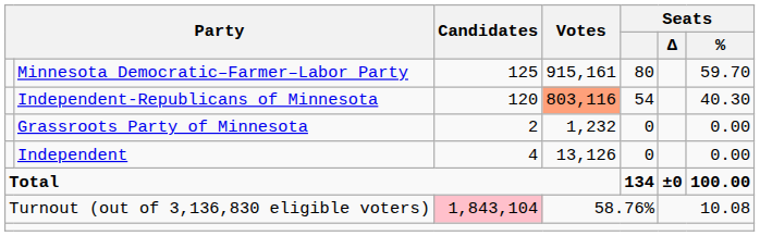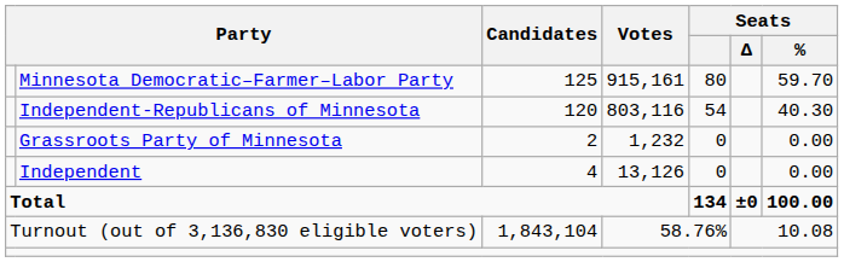 <table class="wikitable">
 <tr>
 <th rowspan="2" colspan="2">Party</th>
 <th rowspan="2">Candidates</th>
 <th rowspan="2" colspan="1">Votes</th>
 <th colspan="3">Seats</th>
 </tr>
 <tr>
 <th></th>
 <th>∆</th>
 <th>%</th>
 </tr>
 <tr>
 <td style="background-color:"></td>
 <td><a href='#'>Minnesota Democratic–Farmer–Labor Party</a></td>
 <td align="right">125</td>
 <td align="right">915,161</td>
 <td align="right">80</td>
 <td align="right"></td>
 <td align="right">59.70</td>
 </tr>
 <tr>
 <td style="background-color:"></td>
 <td><a href='#'>Independent-Republicans of Minnesota</a></td>
 <td align="right">120</td>
-<td align="right" style="background: lightsalmon;">803,116</td>
+<td align="right">803,116</td>
 <td align="right">54</td>
 <td align="right"></td>
 <td align="right">40.30</td>
 </tr>
 <tr>
 <td style="background-color:"></td>
 <td><a href='#'>Grassroots Party of Minnesota</a></td>
 <td align="right">2</td>
 <td align="right">1,232</td>
 <td align="right">0</td>
 <td align="right"></td>
 <td align="right">0.00</td>
 </tr>
 <tr>
 <td style="background-color:"></td>
 <td><a href='#'>Independent</a></td>
 <td align="right">4</td>
 <td align="right">13,126</td>
 <td align="right">0</td>
 <td align="right"></td>
 <td align="right">0.00</td>
 </tr>
 <tr>
 <td colspan="4" align="left"><strong>Total</strong></td>
 <td align="right"><strong>134</strong></td>
 <td align="right"><strong>±0</strong></td>
 <td align="right"><strong>100.00</strong></td>
 </tr>
 <tr>
 <td colspan="2" align="left">Turnout (out of 3,136,830 eligible voters)</td>
-<td colspan="1" align="right" style="background: pink;">1,843,104</td>
+<td colspan="1" align="right">1,843,104</td>
 <td colspan="2" align="right">58.76%</td>
 <td colspan="2" align="right">10.08 </td>
 </tr>
 <tr>
 <td colspan="7"></td>
 </tr>
 </table>
